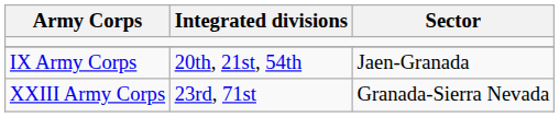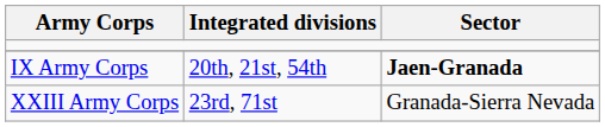 <table class = "wikitable">
 <tr>
 <th>Army Corps</th>
 <th>Integrated divisions</th>
 <th>Sector</th>
 </tr>
 <tr>
 <td colspan = "4" style = "background-color: # 999;" align = "center"></td>
 </tr>
 <tr style = "border-top: solid 3px # 999;">
 </tr>
 <tr>
 <td><a href='#'>IX Army Corps</a></td>
 <td><a href='#'>20th</a>, <a href='#'>21st</a>, <a href='#'>54th</a></td>
-<td>Jaen-Granada</td>
+<td><strong>Jaen-Granada</strong></td>
 </tr>
 <tr>
 <td><a href='#'>XXIII Army Corps</a></td>
 <td><a href='#'>23rd</a>, <a href='#'>71st</a></td>
 <td>Granada-Sierra Nevada</td>
 </tr>
 </table>
